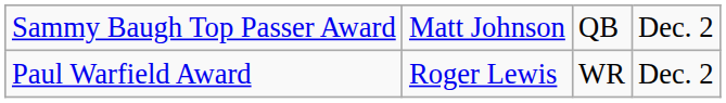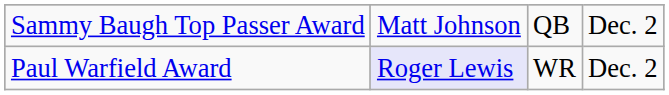 <table class="wikitable">
 <tr>
 <td><a href='#'>Sammy Baugh Top Passer Award</a></td>
 <td><a href='#'>Matt Johnson</a></td>
 <td>QB</td>
 <td>Dec. 2</td>
 </tr>
 <tr>
 <td><a href='#'>Paul Warfield Award</a></td>
-<td><a href='#'>Roger Lewis</a></td>
+<td style="background: lavender;"><a href='#'>Roger Lewis</a></td>
 <td>WR</td>
 <td>Dec. 2</td>
 </tr>
 </table>
